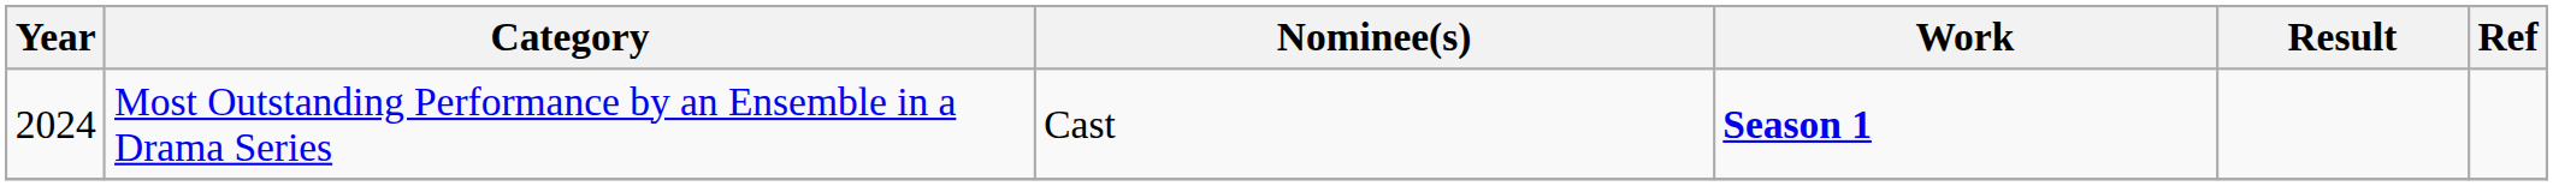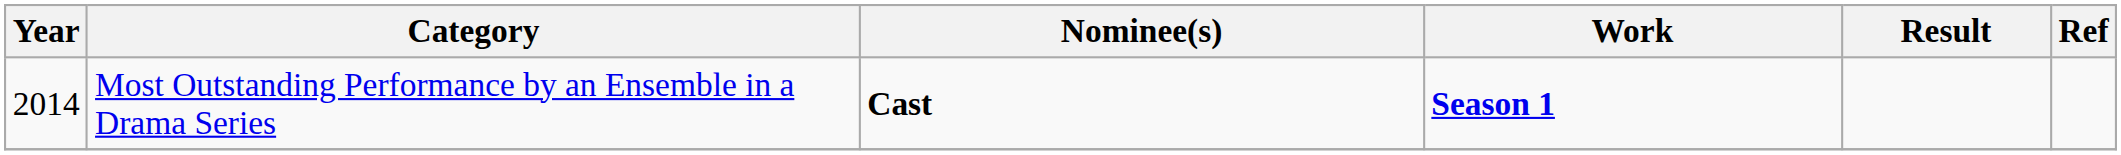 <table class="wikitable" width=80%>
 <tr>
 <th width="3%">Year</th>
 <th width="37%">Category</th>
 <th width="27%">Nominee(s)</th>
 <th width="20%">Work</th>
 <th width="10%">Result</th>
 <th width="3%">Ref</th>
 </tr>
 <tr>
-<td align="center">2024</td>
+<td align="center">2014</td>
 <td><a href='#'>Most Outstanding Performance by an Ensemble in a Drama Series</a></td>
-<td>Cast</td>
+<td><strong>Cast</strong></td>
 <td><strong><a href='#'>Season 1</a></strong></td>
 <td></td>
 <td align="center"></td>
 </tr>
 <tr>
 </tr>
 </table>
